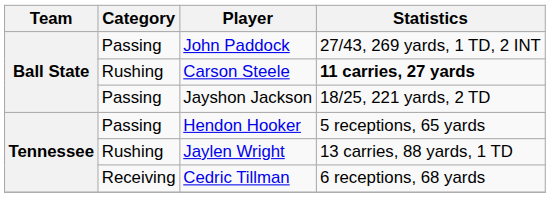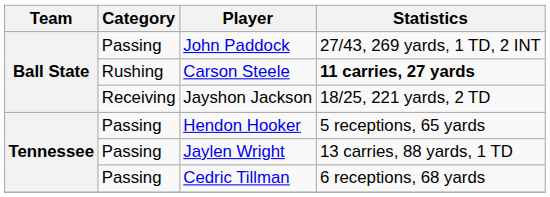 <table class="wikitable" style="float: left;">
 <tr>
 <th>Team</th>
 <th>Category</th>
 <th>Player</th>
 <th>Statistics</th>
 </tr>
 <tr>
 <th rowspan=3>Ball State</th>
 <td>Passing</td>
 <td><a href='#'>John Paddock</a></td>
 <td>27/43, 269 yards, 1 TD, 2 INT</td>
 </tr>
 <tr>
 <td>Rushing</td>
 <td><a href='#'>Carson Steele</a></td>
 <td><strong>11 carries, 27 yards</strong></td>
 </tr>
 <tr>
-<td>Passing</td>
+<td>Receiving</td>
 <td>Jayshon Jackson</td>
 <td>18/25, 221 yards, 2 TD</td>
 </tr>
 <tr>
 <th rowspan=3 style=>Tennessee</th>
 <td>Passing</td>
 <td><a href='#'>Hendon Hooker</a></td>
 <td>5 receptions, 65 yards</td>
 </tr>
 <tr>
-<td>Rushing</td>
+<td>Passing</td>
 <td><a href='#'>Jaylen Wright</a></td>
 <td>13 carries, 88 yards, 1 TD</td>
 </tr>
 <tr>
-<td>Receiving</td>
+<td>Passing</td>
 <td><a href='#'>Cedric Tillman</a></td>
 <td>6 receptions, 68 yards</td>
 </tr>
 <tr>
 </tr>
 </table>
